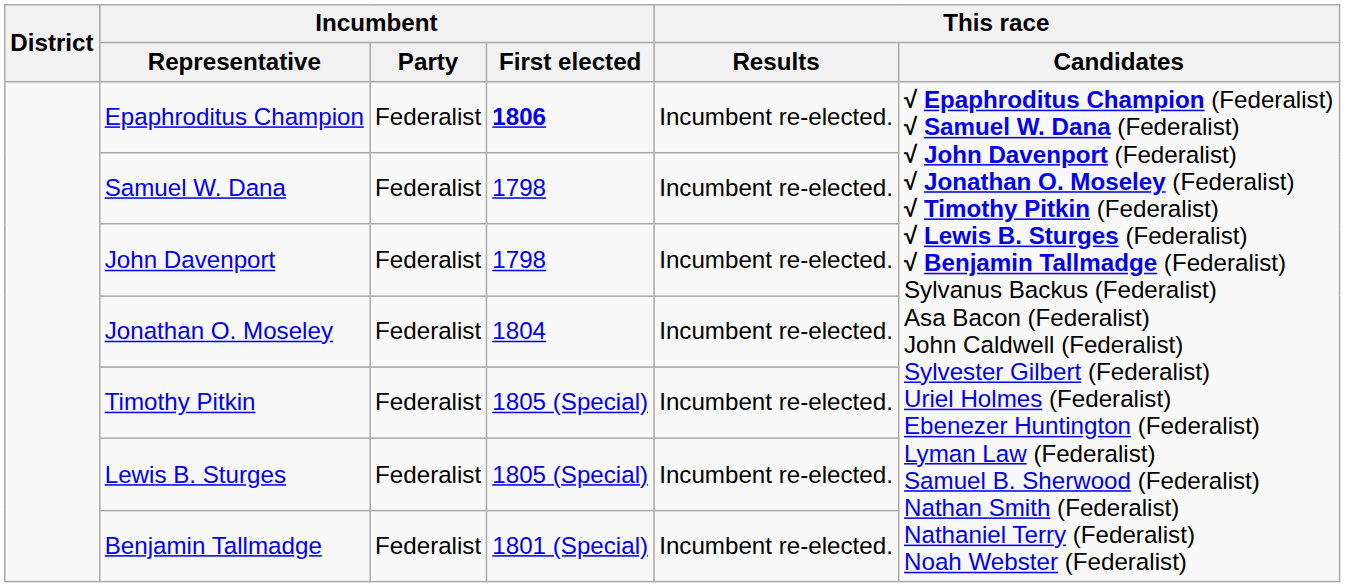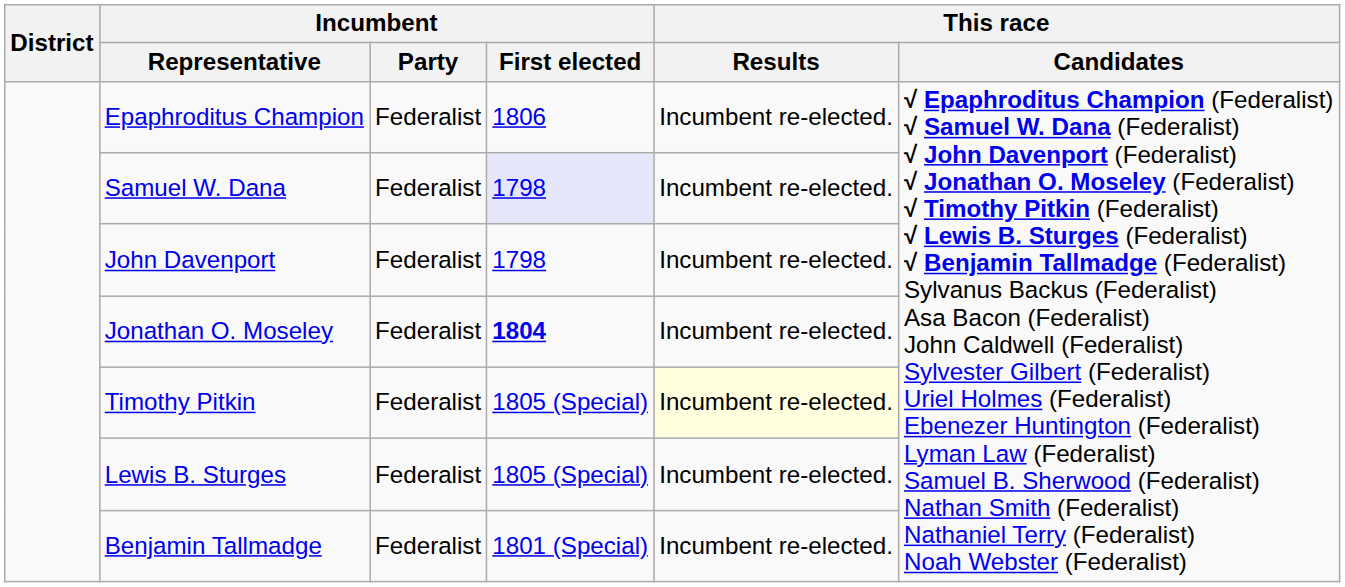 <table class=wikitable>
 <tr>
 <th rowspan=2>District</th>
 <th colspan=3>Incumbent</th>
 <th colspan=2>This race</th>
 </tr>
 <tr>
 <th>Representative</th>
 <th>Party</th>
 <th>First elected</th>
 <th>Results</th>
 <th>Candidates</th>
 </tr>
 <tr>
 <td rowspan=7><br></td>
 <td><a href='#'>Epaphroditus Champion</a></td>
 <td>Federalist</td>
-<td><strong><a href='#'>1806</a></strong></td>
+<td><a href='#'>1806</a></td>
 <td>Incumbent re-elected.</td>
 <td rowspan=7 nowrap><strong>√ <a href='#'>Epaphroditus Champion</a></strong> (Federalist)<br><strong>√ <a href='#'>Samuel W. Dana</a></strong> (Federalist)<br><strong>√ <a href='#'>John Davenport</a></strong> (Federalist)<br><strong>√ <a href='#'>Jonathan O. Moseley</a></strong> (Federalist)<br><strong>√ <a href='#'>Timothy Pitkin</a></strong> (Federalist)<br><strong>√ <a href='#'>Lewis B. Sturges</a></strong> (Federalist)<br><strong>√ <a href='#'>Benjamin Tallmadge</a></strong> (Federalist)<br>Sylvanus Backus (Federalist)<br>Asa Bacon (Federalist)<br>John Caldwell (Federalist)<br><a href='#'>Sylvester Gilbert</a> (Federalist)<br><a href='#'>Uriel Holmes</a> (Federalist)<br><a href='#'>Ebenezer Huntington</a> (Federalist)<br><a href='#'>Lyman Law</a> (Federalist)<br><a href='#'>Samuel B. Sherwood</a> (Federalist)<br><a href='#'>Nathan Smith</a> (Federalist)<br><a href='#'>Nathaniel Terry</a> (Federalist)<br><a href='#'>Noah Webster</a> (Federalist)</td>
 </tr>
 <tr>
 <td><a href='#'>Samuel W. Dana</a></td>
 <td>Federalist</td>
-<td><a href='#'>1798</a></td>
+<td style="background: lavender;"><a href='#'>1798</a></td>
 <td>Incumbent re-elected.</td>
 </tr>
 <tr>
 <td><a href='#'>John Davenport</a></td>
 <td>Federalist</td>
 <td><a href='#'>1798</a></td>
 <td>Incumbent re-elected.</td>
 </tr>
 <tr>
 <td><a href='#'>Jonathan O. Moseley</a></td>
 <td>Federalist</td>
-<td><a href='#'>1804</a></td>
+<td><strong><a href='#'>1804</a></strong></td>
 <td>Incumbent re-elected.</td>
 </tr>
 <tr>
 <td><a href='#'>Timothy Pitkin</a></td>
 <td>Federalist</td>
 <td><a href='#'>1805 (Special)</a></td>
-<td>Incumbent re-elected.</td>
+<td style="background: lightyellow;">Incumbent re-elected.</td>
 </tr>
 <tr>
 <td><a href='#'>Lewis B. Sturges</a></td>
 <td>Federalist</td>
 <td><a href='#'>1805 (Special)</a></td>
 <td>Incumbent re-elected.</td>
 </tr>
 <tr>
 <td><a href='#'>Benjamin Tallmadge</a></td>
 <td>Federalist</td>
 <td><a href='#'>1801 (Special)</a></td>
 <td>Incumbent re-elected.</td>
 </tr>
 </table>
